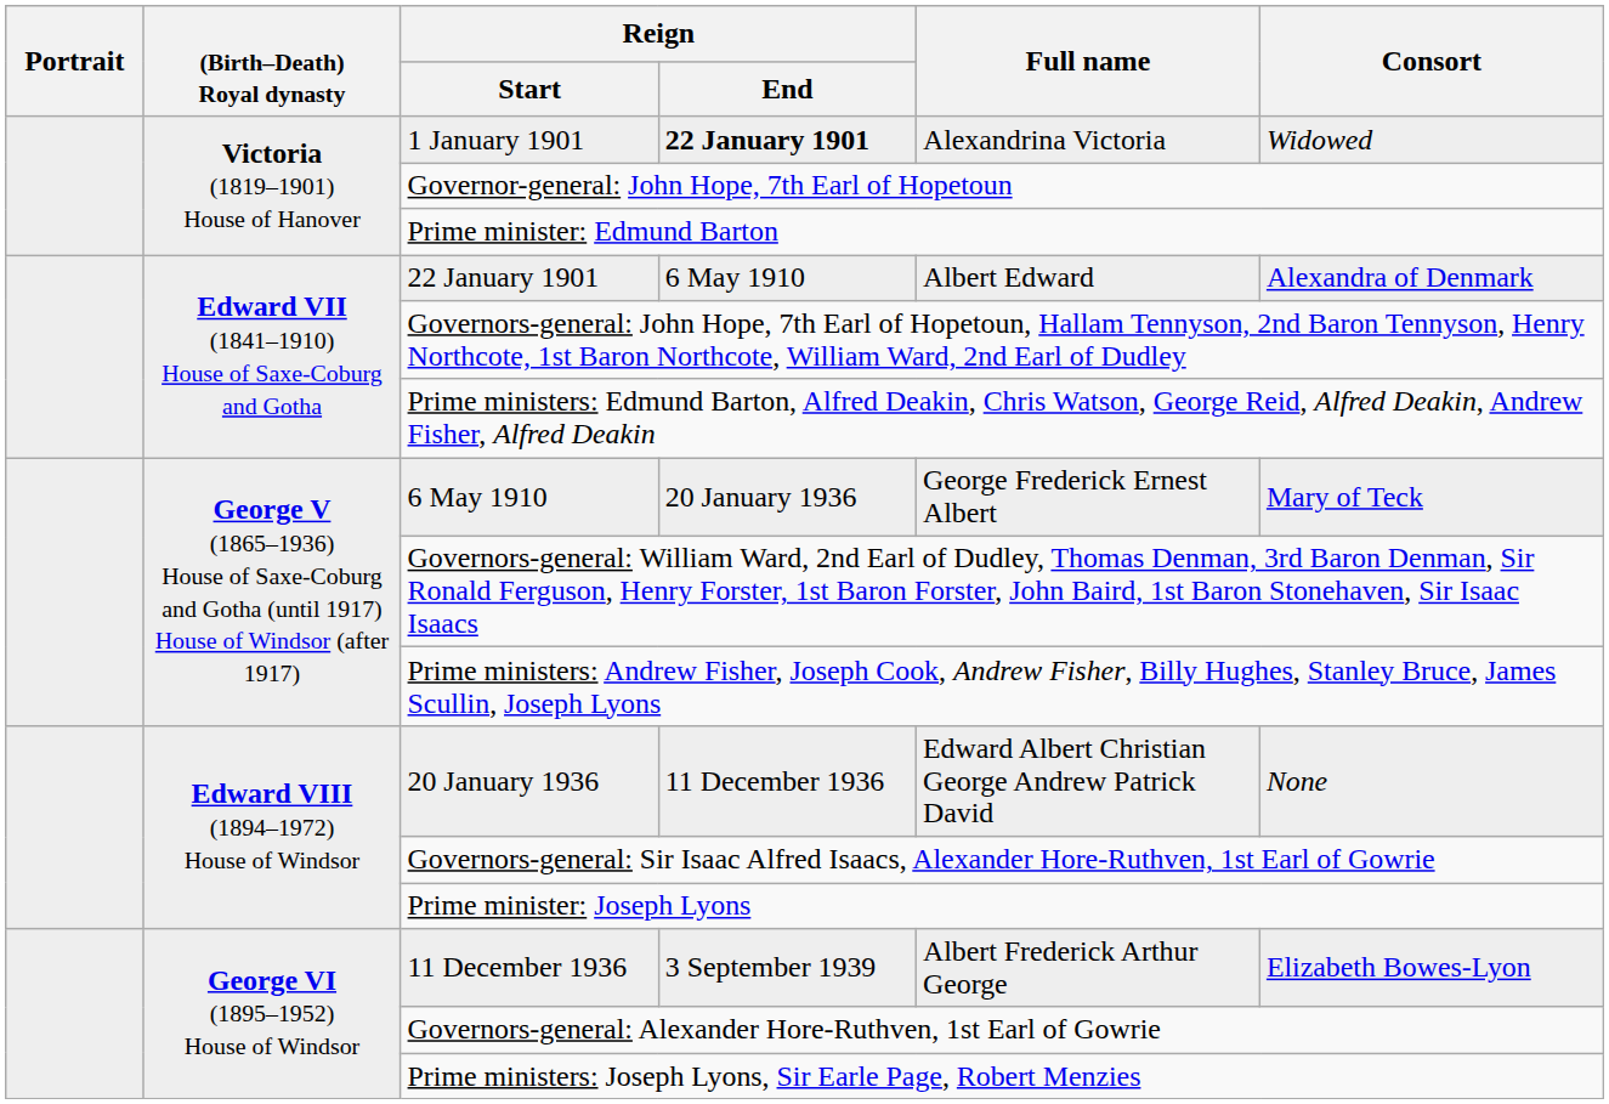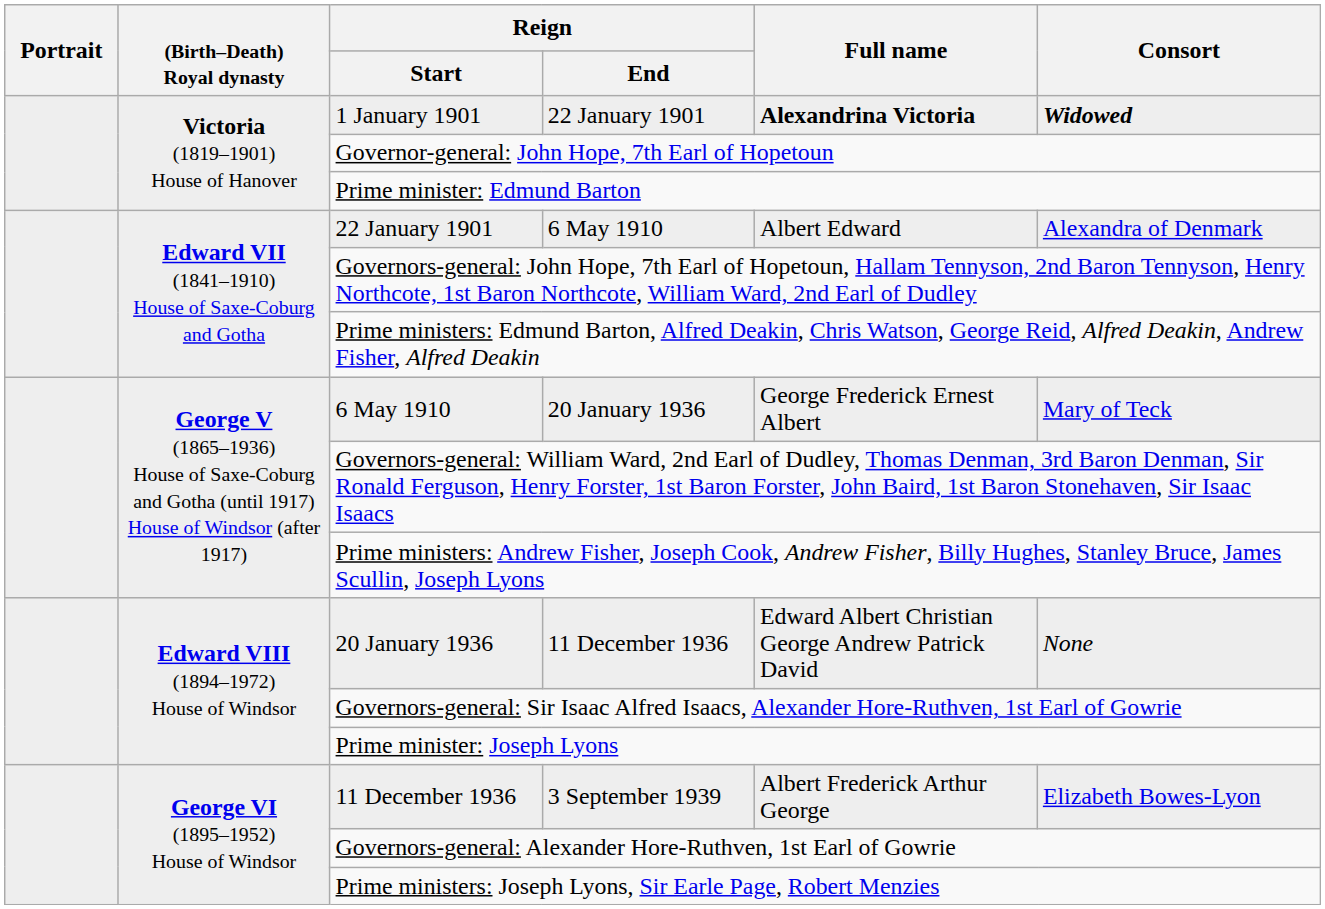 <table class="wikitable" style="width:100%;">
 <tr>
 <th rowspan="2" style="width:8%;">Portrait</th>
 <th rowspan="2" style="width:15%;"><br> <small>(Birth–Death)<br> Royal dynasty</small></th>
 <th style="width:30%;" colspan=2>Reign</th>
 <th rowspan="2" style="width:20%;">Full name</th>
 <th rowspan="2" style="width:20%;">Consort</th>
 </tr>
 <tr>
 <th>Start</th>
 <th>End</th>
 </tr>
 <tr style="background:#eee;">
 <td rowspan="3" align="center"></td>
 <td rowspan="3" align="center"><strong>Victoria</strong><br><small>(1819–1901)<br>House of Hanover</small></td>
 <td>1 January 1901</td>
-<td><strong>22 January 1901</strong></td>
-<td>Alexandrina Victoria</td>
-<td><em>Widowed</em></td>
+<td>22 January 1901</td>
+<td><strong>Alexandrina Victoria</strong></td>
+<td><strong><em>Widowed</em></strong></td>
 </tr>
 <tr>
 <td colspan="4"><u>Governor-general:</u> <a href='#'>John Hope, 7th Earl of Hopetoun</a></td>
 </tr>
 <tr>
 <td colspan="4"><u>Prime minister:</u> <a href='#'>Edmund Barton</a></td>
 </tr>
 <tr style="background:#eee;">
 <td rowspan="3" align="center"></td>
 <td rowspan="3" align="center"><strong><a href='#'>Edward VII</a></strong><br><small>(1841–1910)<br><a href='#'>House of Saxe-Coburg and Gotha</a></small></td>
 <td>22 January 1901</td>
 <td>6 May 1910</td>
 <td>Albert Edward</td>
 <td><a href='#'>Alexandra of Denmark</a></td>
 </tr>
 <tr>
 <td colspan=4><u>Governors-general:</u> John Hope, 7th Earl of Hopetoun, <a href='#'>Hallam Tennyson, 2nd Baron Tennyson</a>, <a href='#'>Henry Northcote, 1st Baron Northcote</a>, <a href='#'>William Ward, 2nd Earl of Dudley</a></td>
 </tr>
 <tr>
 <td colspan=4><u>Prime ministers:</u> Edmund Barton, <a href='#'>Alfred Deakin</a>, <a href='#'>Chris Watson</a>, <a href='#'>George Reid</a>, <em>Alfred Deakin</em>, <a href='#'>Andrew Fisher</a>, <em>Alfred Deakin</em></td>
 </tr>
 <tr style="background:#eee;">
 <td rowspan="3" align="center"></td>
 <td rowspan="3" align="center"><strong><a href='#'>George V</a></strong><br><small>(1865–1936)<br>House of Saxe-Coburg and Gotha (until 1917)<br><a href='#'>House of Windsor</a> (after 1917)</small></td>
 <td>6 May 1910</td>
 <td>20 January 1936</td>
 <td>George Frederick Ernest Albert</td>
 <td><a href='#'>Mary of Teck</a></td>
 </tr>
 <tr>
 <td colspan=4><u>Governors-general:</u> William Ward, 2nd Earl of Dudley, <a href='#'>Thomas Denman, 3rd Baron Denman</a>, <a href='#'>Sir Ronald Ferguson</a>, <a href='#'>Henry Forster, 1st Baron Forster</a>, <a href='#'>John Baird, 1st Baron Stonehaven</a>, <a href='#'>Sir Isaac Isaacs</a></td>
 </tr>
 <tr>
 <td colspan=4><u>Prime ministers:</u> <a href='#'>Andrew Fisher</a>, <a href='#'>Joseph Cook</a>, <em>Andrew Fisher</em>, <a href='#'>Billy Hughes</a>, <a href='#'>Stanley Bruce</a>, <a href='#'>James Scullin</a>, <a href='#'>Joseph Lyons</a></td>
 </tr>
 <tr style="background:#eee;">
 <td rowspan="3" align="center"></td>
 <td rowspan="3" align="center"><strong><a href='#'>Edward VIII</a></strong><br><small>(1894–1972)<br>House of Windsor</small></td>
 <td>20 January 1936</td>
 <td>11 December 1936</td>
 <td>Edward Albert Christian George Andrew Patrick David</td>
 <td><em>None</em></td>
 </tr>
 <tr>
 <td colspan="4"><u>Governors-general:</u> Sir Isaac Alfred Isaacs, <a href='#'>Alexander Hore-Ruthven, 1st Earl of Gowrie</a></td>
 </tr>
 <tr>
 <td colspan="4"><u>Prime minister:</u> <a href='#'>Joseph Lyons</a></td>
 </tr>
 <tr style="background:#eee;">
 <td rowspan="3" align="center"></td>
 <td rowspan="3" align="center"><strong><a href='#'>George VI</a></strong><br><small>(1895–1952)<br>House of Windsor</small></td>
 <td>11 December 1936</td>
 <td>3 September 1939</td>
 <td>Albert Frederick Arthur George</td>
 <td><a href='#'>Elizabeth Bowes-Lyon</a></td>
 </tr>
 <tr>
 <td colspan="4"><u>Governors-general:</u> Alexander Hore-Ruthven, 1st Earl of Gowrie</td>
 </tr>
 <tr>
 <td colspan="4"><u>Prime ministers:</u> Joseph Lyons, <a href='#'>Sir Earle Page</a>, <a href='#'>Robert Menzies</a></td>
 </tr>
 </table>
